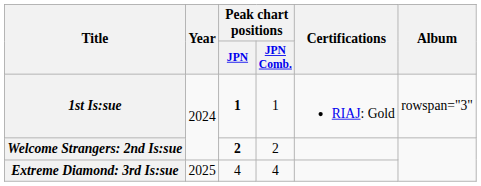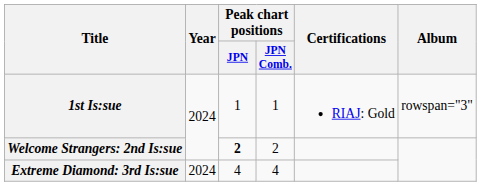 <table class="wikitable plainrowheaders" style="text-align:center;">
 <tr>
 <th scope="col" rowspan="2">Title</th>
 <th scope="col" rowspan="2">Year</th>
 <th scope="col" colspan="2">Peak chart positions</th>
 <th scope="col" rowspan="2">Certifications</th>
 <th scope="col" rowspan="2">Album</th>
 </tr>
 <tr>
 <th scope="col" style="width:2.75em;font-size:85%;"><a href='#'>JPN</a><br></th>
 <th scope="col" style="width:2.75em;font-size:85%;"><a href='#'>JPN<br>Comb.</a><br></th>
 </tr>
 <tr>
 <th scope="row"><em>1st Is:sue</em></th>
 <td rowspan="2">2024</td>
-<td><strong>1</strong></td>
+<td>1</td>
 <td>1</td>
 <td><br><ul><li><a href='#'>RIAJ</a>: Gold</li></ul></td>
 <td>rowspan="3" </td>
 </tr>
 <tr>
 <th scope="row"><em>Welcome Strangers: 2nd Is:sue</em></th>
 <td><strong>2</strong></td>
 <td>2</td>
 <td></td>
 </tr>
 <tr>
 <th scope="row"><em>Extreme Diamond: 3rd Is:sue</em></th>
-<td>2025</td>
+<td>2024</td>
 <td>4</td>
 <td>4</td>
 <td></td>
 </tr>
 </table>
